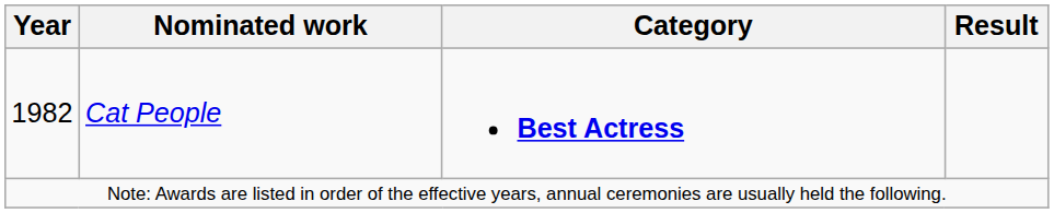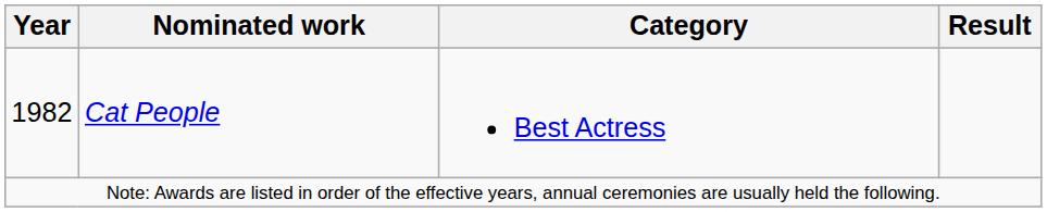 <table class=wikitable>
 <tr>
 <th width=4%>Year</th>
 <th width=36%>Nominated work</th>
 <th width=50%>Category</th>
 <th width=10%>Result</th>
 </tr>
 <tr>
 <td>1982</td>
 <td><em><a href='#'>Cat People</a></em></td>
-<td><strong><br><ul><li><a href='#'>Best Actress</a></li></ul></strong></td>
+<td><br><ul><li><a href='#'>Best Actress</a></li></ul></td>
 <td></td>
 </tr>
 <tr>
 <td colspan=4 width=100% style=font-size:8pt align=center>Note: Awards are listed in order of the effective years, annual ceremonies are usually held the following.</td>
 </tr>
 </table>
